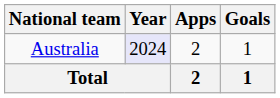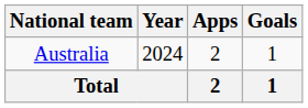 <table class="wikitable" style="text-align:center">
 <tr>
 <th>National team</th>
 <th>Year</th>
 <th>Apps</th>
 <th>Goals</th>
 </tr>
 <tr>
 <td rowspan="1"><a href='#'>Australia</a></td>
-<td style="background: lavender;">2024</td>
+<td>2024</td>
 <td>2</td>
 <td>1</td>
 </tr>
 <tr>
 <th colspan="2">Total</th>
 <th>2</th>
 <th>1</th>
 </tr>
 </table>
